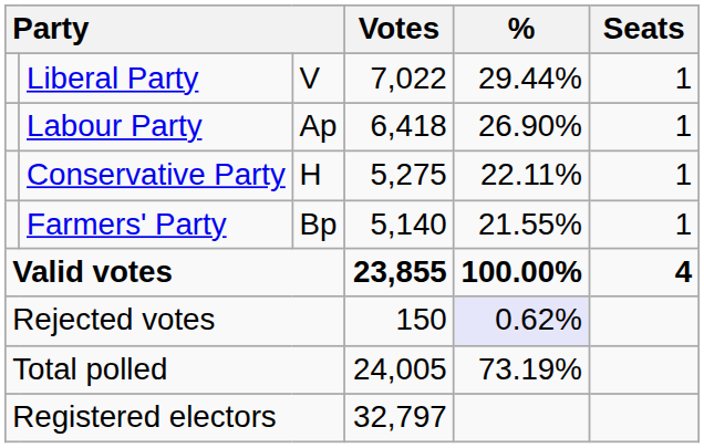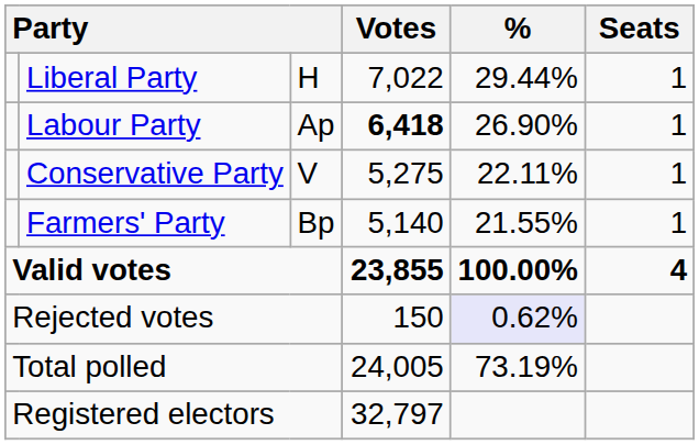 <table class="wikitable" border="1" style="text-align:right;">
 <tr>
 <th style="text-align:left;" colspan=3>Party</th>
 <th align=center width="50">Votes</th>
 <th align=center width="50">%</th>
 <th align=center width="50">Seats</th>
 </tr>
 <tr>
 <td style="color:inherit;background:"></td>
 <td align=left><a href='#'>Liberal Party</a></td>
-<td align=left>V</td>
+<td align=left>H</td>
 <td>7,022</td>
 <td>29.44%</td>
 <td>1</td>
 </tr>
 <tr>
 <td style="color:inherit;background:"></td>
 <td align=left><a href='#'>Labour Party</a></td>
 <td align=left>Ap</td>
-<td>6,418</td>
+<td><strong>6,418</strong></td>
 <td>26.90%</td>
 <td>1</td>
 </tr>
 <tr>
 <td style="color:inherit;background:"></td>
 <td align=left><a href='#'>Conservative Party</a></td>
-<td align=left>H</td>
+<td align=left>V</td>
 <td>5,275</td>
 <td>22.11%</td>
 <td>1</td>
 </tr>
 <tr>
 <td style="color:inherit;background:"></td>
 <td align=left><a href='#'>Farmers' Party</a></td>
 <td align=left>Bp</td>
 <td>5,140</td>
 <td>21.55%</td>
 <td>1</td>
 </tr>
 <tr style="font-weight:bold">
 <td align=left colspan=3>Valid votes</td>
 <td>23,855</td>
 <td>100.00%</td>
 <td>4</td>
 </tr>
 <tr>
 <td align=left colspan=3>Rejected votes</td>
 <td>150</td>
 <td style="background: lavender;">0.62%</td>
 <td></td>
 </tr>
 <tr>
 <td align=left colspan=3>Total polled</td>
 <td>24,005</td>
 <td>73.19%</td>
 <td></td>
 </tr>
 <tr>
 <td align=left colspan=3>Registered electors</td>
 <td>32,797</td>
 <td></td>
 <td></td>
 </tr>
 </table>
